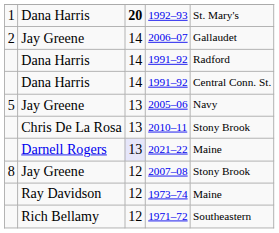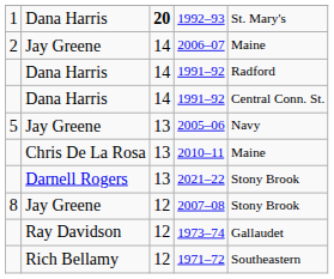 <table class="wikitable">
 <tr>
 </tr>
 <tr>
 <td>1</td>
 <td>Dana Harris</td>
 <td><strong>20</strong></td>
 <td style="font-size:80%;"><a href='#'>1992–93</a></td>
 <td style="font-size:80%;">St. Mary's</td>
 </tr>
 <tr>
 <td>2</td>
 <td>Jay Greene</td>
 <td>14</td>
 <td style="font-size:80%;"><a href='#'>2006–07</a></td>
-<td style="font-size:80%;">Gallaudet</td>
+<td style="font-size:80%;">Maine</td>
 </tr>
 <tr>
 <td></td>
 <td>Dana Harris</td>
 <td>14</td>
 <td style="font-size:80%;"><a href='#'>1991–92</a></td>
 <td style="font-size:80%;">Radford</td>
 </tr>
 <tr>
 <td></td>
 <td>Dana Harris</td>
 <td>14</td>
 <td style="font-size:80%;"><a href='#'>1991–92</a></td>
 <td style="font-size:80%;">Central Conn. St.</td>
 </tr>
 <tr>
 <td>5</td>
 <td>Jay Greene</td>
 <td>13</td>
 <td style="font-size:80%;"><a href='#'>2005–06</a></td>
 <td style="font-size:80%;">Navy</td>
 </tr>
 <tr>
 <td></td>
 <td>Chris De La Rosa</td>
 <td>13</td>
 <td style="font-size:80%;"><a href='#'>2010–11</a></td>
-<td style="font-size:80%;">Stony Brook</td>
+<td style="font-size:80%;">Maine</td>
 </tr>
 <tr>
 <td></td>
 <td><a href='#'>Darnell Rogers</a></td>
-<td style="background: lavender;">13</td>
+<td>13</td>
 <td style="font-size:80%;"><a href='#'>2021–22</a></td>
-<td style="font-size:80%;">Maine</td>
+<td style="font-size:80%;">Stony Brook</td>
 </tr>
 <tr>
 <td>8</td>
 <td>Jay Greene</td>
 <td>12</td>
 <td style="font-size:80%;"><a href='#'>2007–08</a></td>
 <td style="font-size:80%;">Stony Brook</td>
 </tr>
 <tr>
 <td></td>
 <td>Ray Davidson</td>
 <td>12</td>
 <td style="font-size:80%;"><a href='#'>1973–74</a></td>
-<td style="font-size:80%;">Maine</td>
+<td style="font-size:80%;">Gallaudet</td>
 </tr>
 <tr>
 <td></td>
 <td>Rich Bellamy</td>
 <td>12</td>
 <td style="font-size:80%;"><a href='#'>1971–72</a></td>
 <td style="font-size:80%;">Southeastern</td>
 </tr>
 </table>
